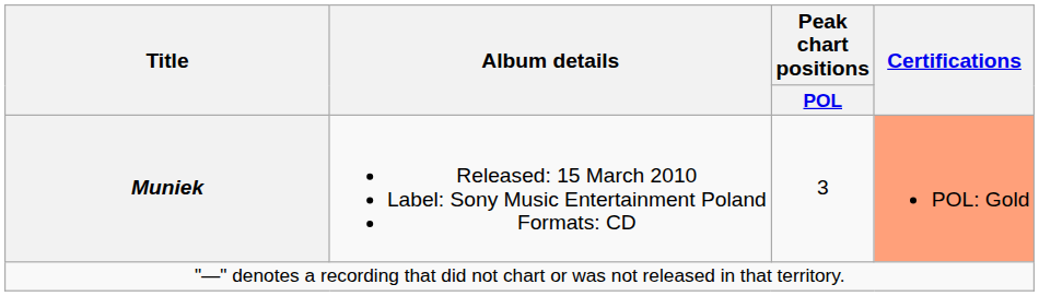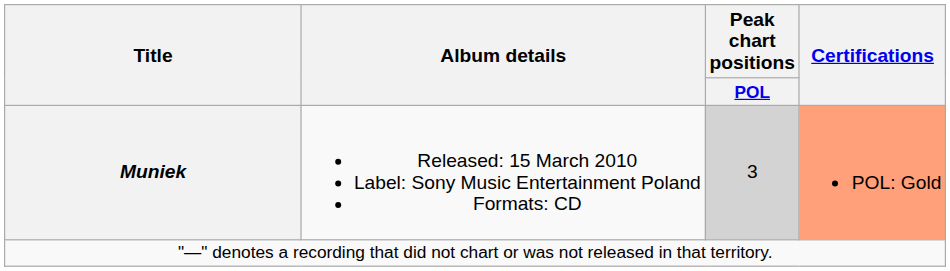 <table class="wikitable plainrowheaders" style="text-align:center;">
 <tr>
 <th scope="col" rowspan="2" style="width:15em;">Title</th>
 <th scope="col" rowspan="2">Album details</th>
 <th scope="col">Peak chart positions</th>
 <th scope="col" rowspan="2"><a href='#'>Certifications</a></th>
 </tr>
 <tr>
 <th scope="col" style="width:3em;font-size:90%;"><a href='#'>POL</a><br></th>
 </tr>
 <tr>
 <th scope="row"><em>Muniek</em></th>
 <td><br><ul><li>Released: 15 March 2010</li><li>Label: Sony Music Entertainment Poland</li><li>Formats: CD</li></ul></td>
-<td>3</td>
+<td style="background: lightgrey;">3</td>
 <td style="background: lightsalmon;"><br><ul><li>POL: Gold</li></ul></td>
 </tr>
 <tr>
 <td colspan="10" style="font-size:90%">"—" denotes a recording that did not chart or was not released in that territory.</td>
 </tr>
 </table>
